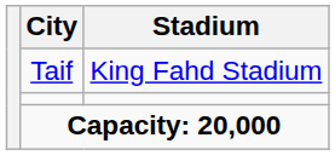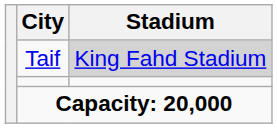 <table class="wikitable" style="text-align:center;margin:1em auto;">
 <tr>
 <th rowspan="4"></th>
 <th>City</th>
 <th>Stadium</th>
 </tr>
 <tr>
 <td><a href='#'>Taif</a></td>
-<td><a href='#'>King Fahd Stadium</a></td>
+<td style="background: lightgrey;"><a href='#'>King Fahd Stadium</a></td>
 </tr>
 <tr>
 <td></td>
 <td></td>
 </tr>
 <tr>
 <td colspan="2"><strong>Capacity: 20,000</strong></td>
 </tr>
 </table>
